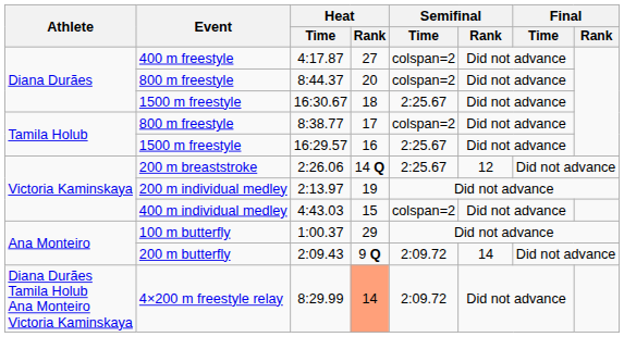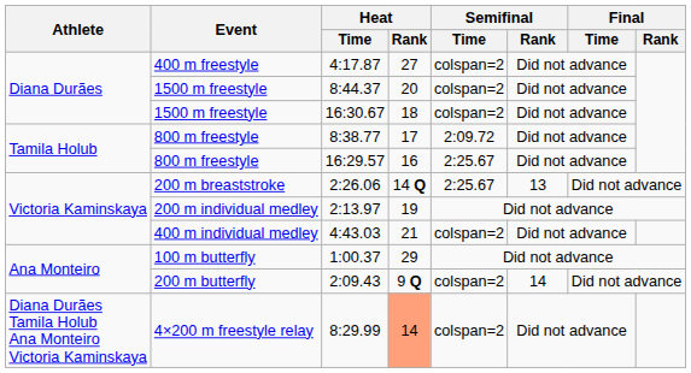 <table class="wikitable" style="text-align:center; font-size:90%">
 <tr>
 <th rowspan="2">Athlete</th>
 <th rowspan="2">Event</th>
 <th colspan="2">Heat</th>
 <th colspan="2">Semifinal</th>
 <th colspan="2">Final</th>
 </tr>
 <tr style="font-size:95%">
 <th>Time</th>
 <th>Rank</th>
 <th>Time</th>
 <th>Rank</th>
 <th>Time</th>
 <th>Rank</th>
 </tr>
 <tr>
 <td align=left rowspan=3><a href='#'>Diana Durães</a></td>
 <td align=left><a href='#'>400 m freestyle</a></td>
 <td>4:17.87</td>
 <td>27</td>
 <td>colspan=2 </td>
 <td colspan=2>Did not advance</td>
 </tr>
 <tr>
-<td align=left><a href='#'>800 m freestyle</a></td>
+<td align=left><a href='#'>1500 m freestyle</a></td>
 <td>8:44.37</td>
 <td>20</td>
 <td>colspan=2 </td>
 <td colspan=2>Did not advance</td>
 </tr>
 <tr>
 <td align=left><a href='#'>1500 m freestyle</a></td>
 <td>16:30.67</td>
 <td>18</td>
-<td>2:25.67</td>
+<td>colspan=2 </td>
 <td colspan=2>Did not advance</td>
 </tr>
 <tr>
 <td align=left rowspan=2><a href='#'>Tamila Holub</a></td>
 <td align=left><a href='#'>800 m freestyle</a></td>
 <td>8:38.77</td>
 <td>17</td>
-<td>colspan=2 </td>
+<td>2:09.72</td>
 <td colspan=2>Did not advance</td>
 </tr>
 <tr>
-<td align=left><a href='#'>1500 m freestyle</a></td>
+<td align=left><a href='#'>800 m freestyle</a></td>
 <td>16:29.57</td>
 <td>16</td>
 <td>2:25.67</td>
 <td colspan=2>Did not advance</td>
 </tr>
 <tr>
 <td align=left rowspan=3><a href='#'>Victoria Kaminskaya</a></td>
 <td align=left><a href='#'>200 m breaststroke</a></td>
 <td>2:26.06</td>
 <td>14 <strong>Q</strong></td>
 <td>2:25.67</td>
-<td>12</td>
+<td>13</td>
 <td colspan=2>Did not advance</td>
 </tr>
 <tr>
 <td align=left><a href='#'>200 m individual medley</a></td>
 <td>2:13.97</td>
 <td>19</td>
 <td colspan=4>Did not advance</td>
 </tr>
 <tr>
 <td align=left><a href='#'>400 m individual medley</a></td>
 <td>4:43.03</td>
-<td>15</td>
+<td>21</td>
 <td>colspan=2 </td>
 <td colspan=2>Did not advance</td>
 </tr>
 <tr>
 <td align=left rowspan=2><a href='#'>Ana Monteiro</a></td>
 <td align=left><a href='#'>100 m butterfly</a></td>
 <td>1:00.37</td>
 <td>29</td>
 <td colspan=4>Did not advance</td>
 </tr>
 <tr>
 <td align=left><a href='#'>200 m butterfly</a></td>
 <td>2:09.43</td>
 <td>9 <strong>Q</strong></td>
-<td>2:09.72</td>
+<td>colspan=2 </td>
 <td>14</td>
 <td colspan=2>Did not advance</td>
 </tr>
 <tr>
 <td align=left><a href='#'>Diana Durães</a><br><a href='#'>Tamila Holub</a><br><a href='#'>Ana Monteiro</a><br><a href='#'>Victoria Kaminskaya</a></td>
 <td align=left><a href='#'>4×200 m freestyle relay</a></td>
 <td>8:29.99</td>
 <td style="background: lightsalmon;">14</td>
-<td>2:09.72</td>
+<td>colspan=2 </td>
 <td colspan=2>Did not advance</td>
 </tr>
 </table>
